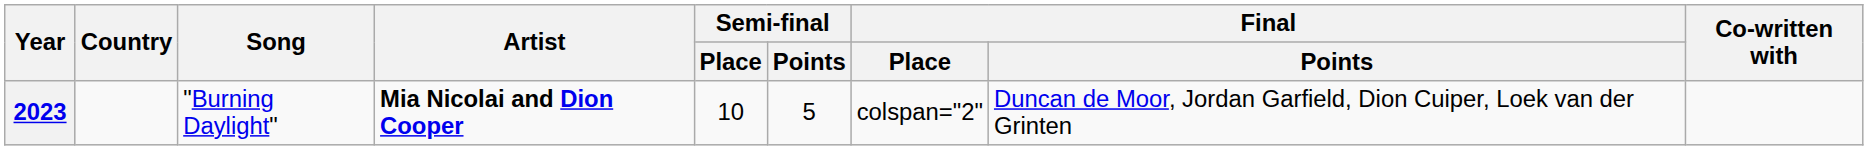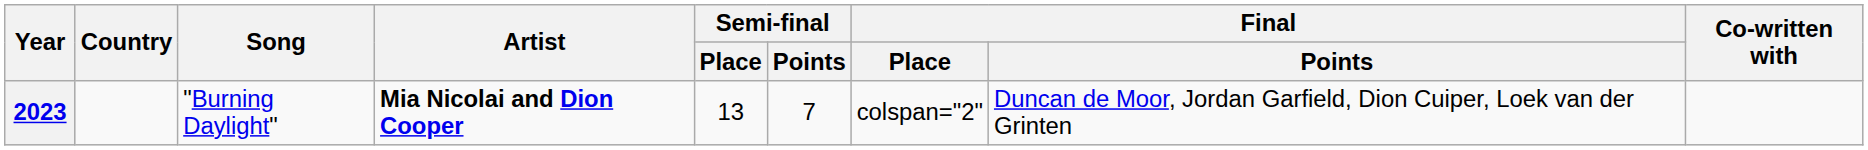 <table class="wikitable plainrowheaders">
 <tr>
 <th scope="col" rowspan="2" style="width:2.5em;">Year</th>
 <th scope="col" rowspan="2">Country</th>
 <th scope="col" rowspan="2">Song</th>
 <th scope="col" rowspan="2">Artist</th>
 <th scope="col" colspan="2">Semi-final</th>
 <th scope="col" colspan="2">Final</th>
 <th scope="col" rowspan="2">Co-written with</th>
 </tr>
 <tr>
 <th scope="col">Place</th>
 <th scope="col">Points</th>
 <th scope="col">Place</th>
 <th scope="col">Points</th>
 </tr>
 <tr>
 <th scope="row" style="text-align:center"><a href='#'>2023</a></th>
 <td></td>
 <td>"<a href='#'>Burning Daylight</a>"</td>
 <td><strong>Mia Nicolai and <a href='#'>Dion Cooper</a></strong></td>
-<td align="center">10</td>
-<td align="center">5</td>
+<td align="center">13</td>
+<td align="center">7</td>
 <td>colspan="2" </td>
 <td><a href='#'>Duncan de Moor</a>, Jordan Garfield, Dion Cuiper, Loek van der Grinten</td>
 </tr>
 </table>
